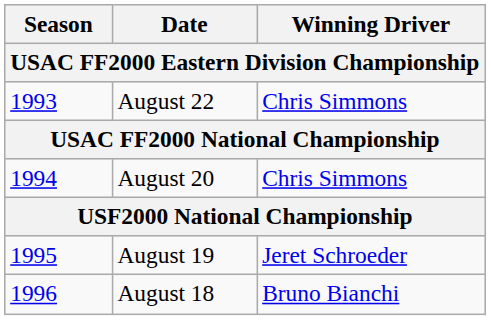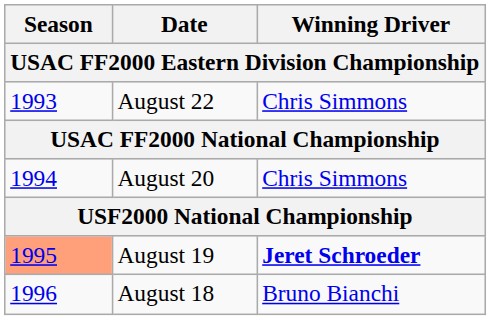 <table class="wikitable" style="font-size: 95%;">
 <tr>
 <th>Season</th>
 <th>Date</th>
 <th>Winning Driver</th>
 </tr>
 <tr>
 <th colspan=3>USAC FF2000 Eastern Division Championship</th>
 </tr>
 <tr>
 <td><a href='#'>1993</a></td>
 <td>August 22</td>
 <td> <a href='#'>Chris Simmons</a></td>
 </tr>
 <tr>
 <th colspan=3>USAC FF2000 National Championship</th>
 </tr>
 <tr>
 <td><a href='#'>1994</a></td>
 <td>August 20</td>
 <td> <a href='#'>Chris Simmons</a></td>
 </tr>
 <tr>
 <th colspan=3>USF2000 National Championship</th>
 </tr>
 <tr>
-<td><a href='#'>1995</a></td>
+<td style="background: lightsalmon;"><a href='#'>1995</a></td>
 <td>August 19</td>
-<td> <a href='#'>Jeret Schroeder</a></td>
+<td><strong> <a href='#'>Jeret Schroeder</a></strong></td>
 </tr>
 <tr>
 <td><a href='#'>1996</a></td>
 <td>August 18</td>
 <td> <a href='#'>Bruno Bianchi</a></td>
 </tr>
 </table>
